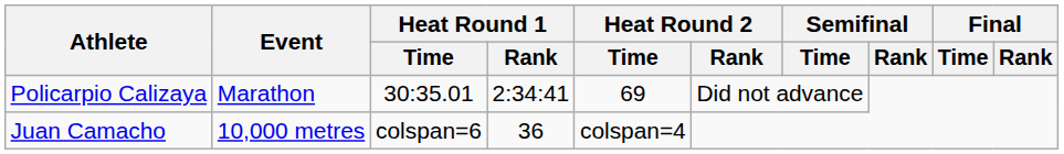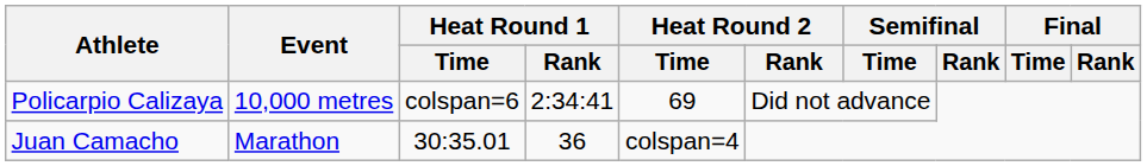 <table class=wikitable style="font-size:90%; text-align:center">
 <tr>
 <th rowspan=2>Athlete</th>
 <th rowspan=2>Event</th>
 <th colspan=2>Heat Round 1</th>
 <th colspan=2>Heat Round 2</th>
 <th colspan=2>Semifinal</th>
 <th colspan=2>Final</th>
 </tr>
 <tr style=font-size:95%>
 <th>Time</th>
 <th>Rank</th>
 <th>Time</th>
 <th>Rank</th>
 <th>Time</th>
 <th>Rank</th>
 <th>Time</th>
 <th>Rank</th>
 </tr>
 <tr align=center>
 <td align=left><a href='#'>Policarpio Calizaya</a></td>
-<td align=left><a href='#'>Marathon</a></td>
-<td>30:35.01</td>
+<td align=left><a href='#'>10,000 metres</a></td>
+<td>colspan=6</td>
 <td>2:34:41</td>
 <td>69</td>
 <td colspan=2>Did not advance</td>
 </tr>
 <tr align=center>
 <td align=left><a href='#'>Juan Camacho</a></td>
-<td align=left><a href='#'>10,000 metres</a></td>
-<td>colspan=6</td>
+<td align=left><a href='#'>Marathon</a></td>
+<td>30:35.01</td>
 <td>36</td>
 <td>colspan=4</td>
 </tr>
 </table>
